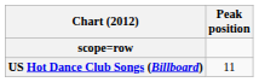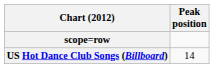 <table class="wikitable sortable plainrowheaders">
 <tr>
 <th>Chart (2012)</th>
 <th>Peak<br>position</th>
 </tr>
 <tr>
 <th>scope=row</th>
 </tr>
 <tr>
 <th scope=row>US <a href='#'>Hot Dance Club Songs</a> (<em><a href='#'>Billboard</a></em>)</th>
-<td align="center">11</td>
+<td align="center">14</td>
 </tr>
 </table>
